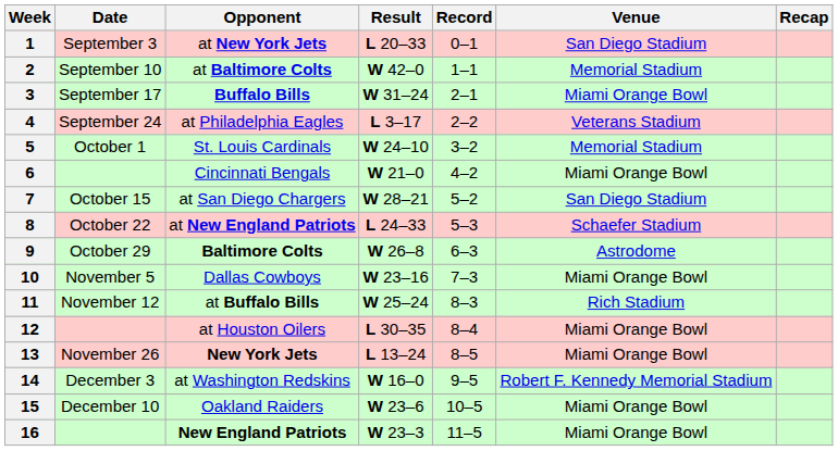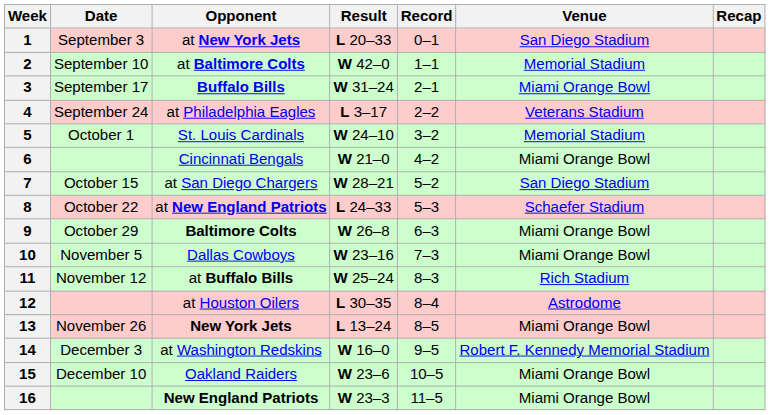 <table class="wikitable" style="text-align:center">
 <tr>
 <th>Week</th>
 <th>Date</th>
 <th>Opponent</th>
 <th>Result</th>
 <th>Record</th>
 <th>Venue</th>
 <th>Recap</th>
 </tr>
 <tr style="text-align:center; background:#fcc;">
 <th>1</th>
 <td>September 3</td>
 <td>at <strong><a href='#'>New York Jets</a></strong></td>
 <td><strong>L</strong> 20–33</td>
 <td>0–1</td>
 <td><a href='#'>San Diego Stadium</a></td>
 <td></td>
 </tr>
 <tr style="text-align:center; background:#cfc;">
 <th>2</th>
 <td>September 10</td>
 <td>at <strong><a href='#'>Baltimore Colts</a></strong></td>
 <td><strong>W</strong> 42–0</td>
 <td>1–1</td>
 <td><a href='#'>Memorial Stadium</a></td>
 <td></td>
 </tr>
 <tr style="text-align:center; background:#cfc;">
 <th>3</th>
 <td>September 17</td>
 <td><strong><a href='#'>Buffalo Bills</a></strong></td>
 <td><strong>W</strong> 31–24</td>
 <td>2–1</td>
 <td><a href='#'>Miami Orange Bowl</a></td>
 <td></td>
 </tr>
 <tr style="text-align:center; background:#fcc;">
 <th>4</th>
 <td>September 24</td>
 <td>at <a href='#'>Philadelphia Eagles</a></td>
 <td><strong>L</strong> 3–17</td>
 <td>2–2</td>
 <td><a href='#'>Veterans Stadium</a></td>
 <td></td>
 </tr>
 <tr style="text-align:center; background:#cfc;">
 <th>5</th>
 <td>October 1</td>
 <td><a href='#'>St. Louis Cardinals</a></td>
 <td><strong>W</strong> 24–10</td>
 <td>3–2</td>
 <td><a href='#'>Memorial Stadium</a></td>
 <td></td>
 </tr>
 <tr style="text-align:center; background:#cfc;">
 <th>6</th>
 <td></td>
 <td><a href='#'>Cincinnati Bengals</a></td>
 <td><strong>W</strong> 21–0</td>
 <td>4–2</td>
 <td>Miami Orange Bowl</td>
 <td></td>
 </tr>
 <tr style="text-align:center; background:#cfc;">
 <th>7</th>
 <td>October 15</td>
 <td>at <a href='#'>San Diego Chargers</a></td>
 <td><strong>W</strong>  28–21</td>
 <td>5–2</td>
 <td><a href='#'>San Diego Stadium</a></td>
 <td></td>
 </tr>
 <tr style="text-align:center; background:#fcc;">
 <th>8</th>
 <td>October 22</td>
 <td>at <strong><a href='#'>New England Patriots</a></strong></td>
 <td><strong>L</strong> 24–33</td>
 <td>5–3</td>
 <td><a href='#'>Schaefer Stadium</a></td>
 <td></td>
 </tr>
 <tr style="text-align:center; background:#cfc;">
 <th>9</th>
 <td>October 29</td>
 <td><strong>Baltimore Colts</strong></td>
 <td><strong>W</strong> 26–8</td>
 <td>6–3</td>
-<td><a href='#'>Astrodome</a></td>
+<td>Miami Orange Bowl</td>
 <td></td>
 </tr>
 <tr style="text-align:center; background:#cfc;">
 <th>10</th>
 <td>November 5</td>
 <td><a href='#'>Dallas Cowboys</a></td>
 <td><strong>W</strong> 23–16</td>
 <td>7–3</td>
 <td>Miami Orange Bowl</td>
 <td></td>
 </tr>
 <tr style="text-align:center; background:#cfc;">
 <th>11</th>
 <td>November 12</td>
 <td>at <strong>Buffalo Bills</strong></td>
 <td><strong>W</strong> 25–24</td>
 <td>8–3</td>
 <td><a href='#'>Rich Stadium</a></td>
 <td></td>
 </tr>
 <tr style="text-align:center; background:#fcc;">
 <th>12</th>
 <td></td>
 <td>at <a href='#'>Houston Oilers</a></td>
 <td><strong>L</strong> 30–35</td>
 <td>8–4</td>
-<td>Miami Orange Bowl</td>
+<td><a href='#'>Astrodome</a></td>
 <td></td>
 </tr>
 <tr style="text-align:center; background:#fcc;">
 <th>13</th>
 <td>November 26</td>
 <td><strong>New York Jets</strong></td>
 <td><strong>L</strong> 13–24</td>
 <td>8–5</td>
 <td>Miami Orange Bowl</td>
 <td></td>
 </tr>
 <tr style="text-align:center; background:#cfc;">
 <th>14</th>
 <td>December 3</td>
 <td>at <a href='#'>Washington Redskins</a></td>
 <td><strong>W</strong> 16–0</td>
 <td>9–5</td>
 <td><a href='#'>Robert F. Kennedy Memorial Stadium</a></td>
 <td></td>
 </tr>
 <tr style="text-align:center; background:#cfc;">
 <th>15</th>
 <td>December 10</td>
 <td><a href='#'>Oakland Raiders</a></td>
 <td><strong>W</strong> 23–6</td>
 <td>10–5</td>
 <td>Miami Orange Bowl</td>
 <td></td>
 </tr>
 <tr style="text-align:center; background:#cfc;">
 <th>16</th>
 <td></td>
 <td><strong>New England Patriots</strong></td>
 <td><strong>W</strong> 23–3</td>
 <td>11–5</td>
 <td>Miami Orange Bowl</td>
 <td></td>
 </tr>
 </table>
